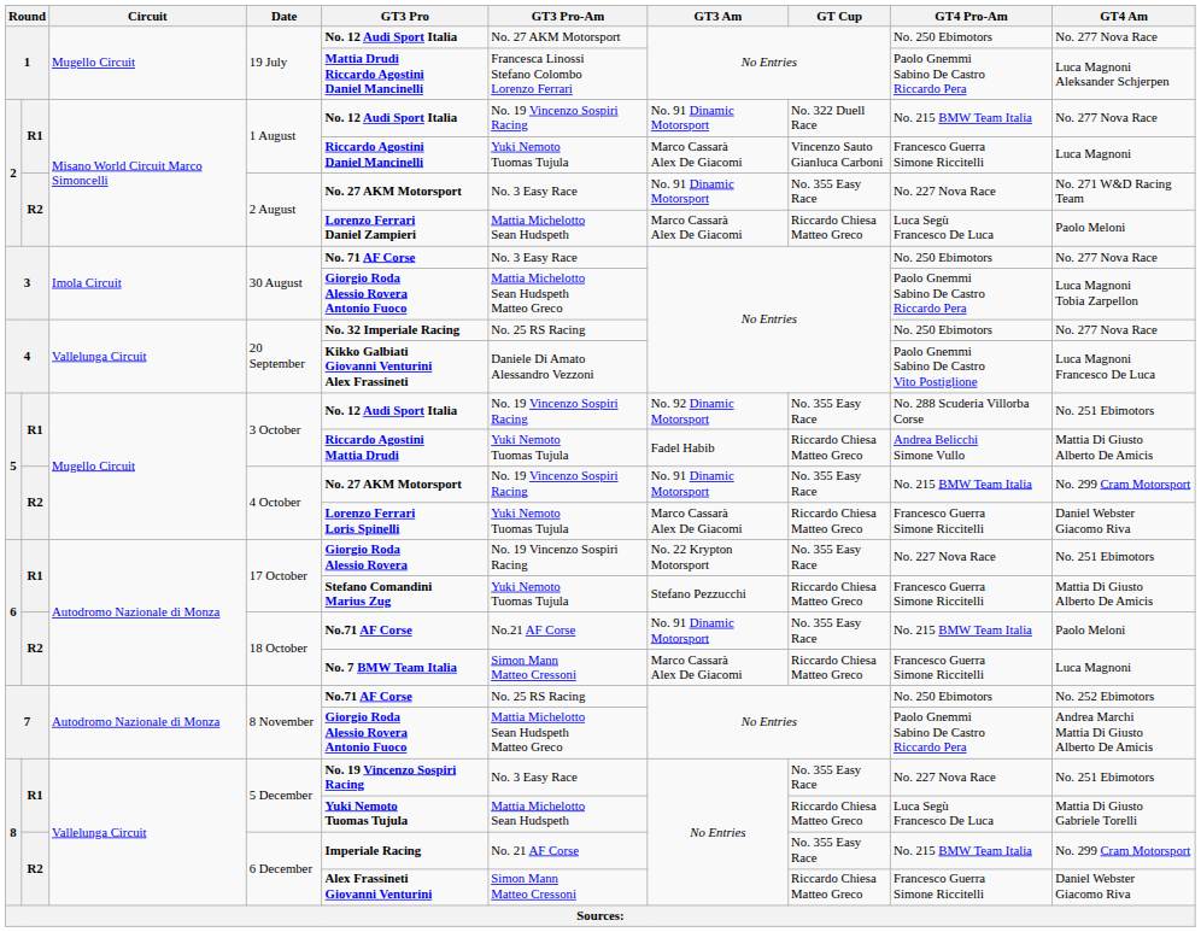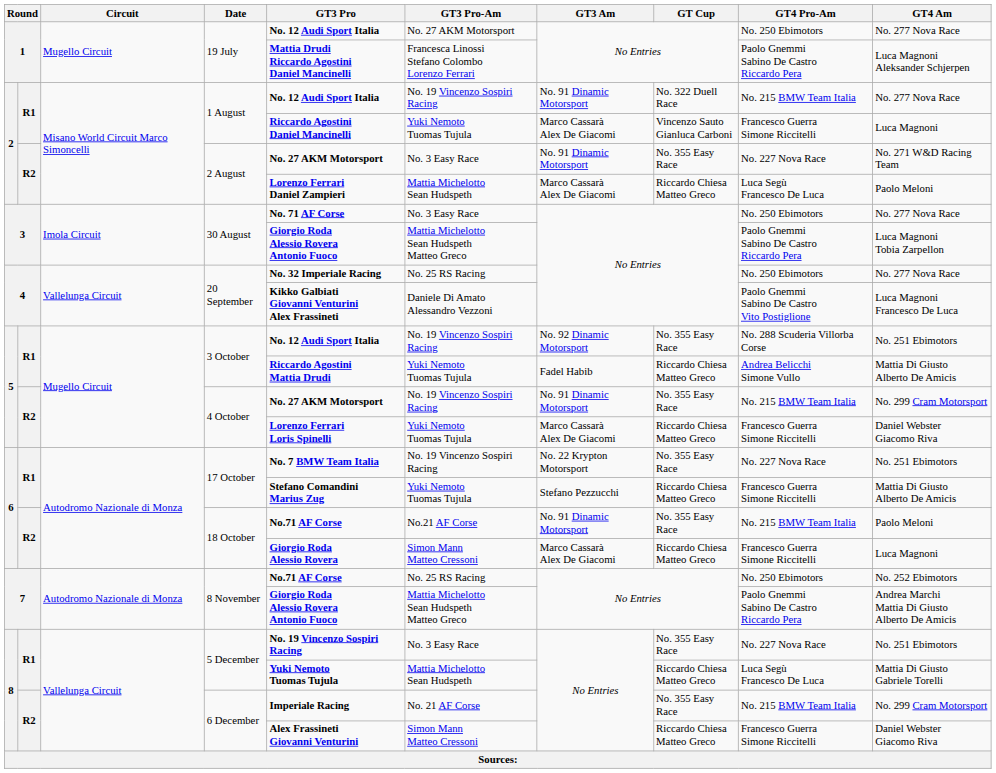 <table class="wikitable" style="font-size: 85%;">
 <tr>
 <th colspan=2>Round</th>
 <th>Circuit</th>
 <th>Date</th>
 <th>GT3 Pro</th>
 <th>GT3 Pro-Am</th>
 <th>GT3 Am</th>
 <th>GT Cup</th>
 <th>GT4 Pro-Am</th>
 <th>GT4 Am</th>
 </tr>
 <tr>
 <th colspan=2 rowspan=2>1</th>
 <td rowspan=2><a href='#'>Mugello Circuit</a></td>
 <td rowspan=2>19 July</td>
 <td><strong> No. 12 <a href='#'>Audi Sport</a> Italia</strong></td>
 <td> No. 27 AKM Motorsport</td>
 <td colspan=2 rowspan=2 align=center><em>No Entries</em></td>
 <td> No. 250 Ebimotors</td>
 <td> No. 277 Nova Race</td>
 </tr>
 <tr>
 <td><strong> <a href='#'>Mattia Drudi</a><br> <a href='#'>Riccardo Agostini</a><br> <a href='#'>Daniel Mancinelli</a></strong></td>
 <td> Francesca Linossi<br> Stefano Colombo<br> <a href='#'>Lorenzo Ferrari</a></td>
 <td> Paolo Gnemmi<br> Sabino De Castro<br> <a href='#'>Riccardo Pera</a></td>
 <td> Luca Magnoni<br> Aleksander Schjerpen</td>
 </tr>
 <tr>
 <th rowspan=4>2</th>
 <th rowspan=2>R1</th>
 <td rowspan=4><a href='#'>Misano World Circuit Marco Simoncelli</a></td>
 <td rowspan=2>1 August</td>
 <td><strong> No. 12 <a href='#'>Audi Sport</a> Italia</strong></td>
 <td> No. 19 <a href='#'>Vincenzo Sospiri Racing</a></td>
 <td> No. 91 <a href='#'>Dinamic Motorsport</a></td>
 <td> No. 322 Duell Race</td>
 <td> No. 215 <a href='#'>BMW Team Italia</a></td>
 <td> No. 277 Nova Race</td>
 </tr>
 <tr>
 <td><strong> <a href='#'>Riccardo Agostini</a><br> <a href='#'>Daniel Mancinelli</a></strong></td>
 <td> <a href='#'>Yuki Nemoto</a><br> Tuomas Tujula</td>
 <td> Marco Cassarà<br> Alex De Giacomi</td>
 <td> Vincenzo Sauto<br> Gianluca Carboni</td>
 <td> Francesco Guerra<br> Simone Riccitelli</td>
 <td> Luca Magnoni</td>
 </tr>
 <tr>
 <th rowspan=2>R2</th>
 <td rowspan=2>2 August</td>
 <td><strong> No. 27 AKM Motorsport</strong></td>
 <td> No. 3 Easy Race</td>
 <td> No. 91 <a href='#'>Dinamic Motorsport</a></td>
 <td> No. 355 Easy Race</td>
 <td> No. 227 Nova Race</td>
 <td> No. 271 W&D Racing Team</td>
 </tr>
 <tr>
 <td><strong> <a href='#'>Lorenzo Ferrari</a><br> Daniel Zampieri</strong></td>
 <td> <a href='#'>Mattia Michelotto</a><br> Sean Hudspeth</td>
 <td> Marco Cassarà<br> Alex De Giacomi</td>
 <td> Riccardo Chiesa<br> Matteo Greco</td>
 <td> Luca Segù<br> Francesco De Luca</td>
 <td> Paolo Meloni</td>
 </tr>
 <tr>
 <th colspan=2 rowspan=2>3</th>
 <td rowspan=2><a href='#'>Imola Circuit</a></td>
 <td rowspan=2>30 August</td>
 <td><strong> No. 71 <a href='#'>AF Corse</a></strong></td>
 <td> No. 3 Easy Race</td>
 <td colspan=2 rowspan=4 align=center><em>No Entries</em></td>
 <td> No. 250 Ebimotors</td>
 <td> No. 277 Nova Race</td>
 </tr>
 <tr>
 <td><strong> <a href='#'>Giorgio Roda</a><br> <a href='#'>Alessio Rovera</a><br> <a href='#'>Antonio Fuoco</a></strong></td>
 <td> <a href='#'>Mattia Michelotto</a><br> Sean Hudspeth<br> Matteo Greco</td>
 <td> Paolo Gnemmi<br> Sabino De Castro<br> <a href='#'>Riccardo Pera</a></td>
 <td> Luca Magnoni<br> Tobia Zarpellon</td>
 </tr>
 <tr>
 <th colspan=2 rowspan=2>4</th>
 <td rowspan=2><a href='#'>Vallelunga Circuit</a></td>
 <td rowspan=2>20 September</td>
 <td><strong> No. 32 Imperiale Racing</strong></td>
 <td> No. 25 RS Racing</td>
 <td> No. 250 Ebimotors</td>
 <td> No. 277 Nova Race</td>
 </tr>
 <tr>
 <td><strong> Kikko Galbiati<br> <a href='#'>Giovanni Venturini</a><br> Alex Frassineti</strong></td>
 <td> Daniele Di Amato<br> Alessandro Vezzoni</td>
 <td> Paolo Gnemmi<br> Sabino De Castro<br> <a href='#'>Vito Postiglione</a></td>
 <td> Luca Magnoni<br> Francesco De Luca</td>
 </tr>
 <tr>
 <th rowspan=4>5</th>
 <th rowspan=2>R1</th>
 <td rowspan=4><a href='#'>Mugello Circuit</a></td>
 <td rowspan=2>3 October</td>
 <td><strong> No. 12 <a href='#'>Audi Sport</a> Italia</strong></td>
 <td> No. 19 <a href='#'>Vincenzo Sospiri Racing</a></td>
 <td> No. 92 <a href='#'>Dinamic Motorsport</a></td>
 <td> No. 355 Easy Race</td>
 <td> No. 288 Scuderia Villorba Corse</td>
 <td> No. 251 Ebimotors</td>
 </tr>
 <tr>
 <td><strong> <a href='#'>Riccardo Agostini</a><br> <a href='#'>Mattia Drudi</a></strong></td>
 <td> <a href='#'>Yuki Nemoto</a><br> Tuomas Tujula</td>
 <td> Fadel Habib</td>
 <td> Riccardo Chiesa<br> Matteo Greco</td>
 <td> <a href='#'>Andrea Belicchi</a><br> Simone Vullo</td>
 <td> Mattia Di Giusto<br> Alberto De Amicis</td>
 </tr>
 <tr>
 <th rowspan=2>R2</th>
 <td rowspan=2>4 October</td>
 <td><strong> No. 27 AKM Motorsport</strong></td>
 <td> No. 19 <a href='#'>Vincenzo Sospiri Racing</a></td>
 <td> No. 91 <a href='#'>Dinamic Motorsport</a></td>
 <td> No. 355 Easy Race</td>
 <td> No. 215 <a href='#'>BMW Team Italia</a></td>
 <td> No. 299 <a href='#'>Cram Motorsport</a></td>
 </tr>
 <tr>
 <td><strong> <a href='#'>Lorenzo Ferrari</a><br> <a href='#'>Loris Spinelli</a></strong></td>
 <td> <a href='#'>Yuki Nemoto</a><br> Tuomas Tujula</td>
 <td> Marco Cassarà<br> Alex De Giacomi</td>
 <td> Riccardo Chiesa<br> Matteo Greco</td>
 <td> Francesco Guerra<br> Simone Riccitelli</td>
 <td> Daniel Webster<br> Giacomo Riva</td>
 </tr>
 <tr>
 <th rowspan=4>6</th>
 <th rowspan=2>R1</th>
 <td rowspan=4><a href='#'>Autodromo Nazionale di Monza</a></td>
 <td rowspan=2>17 October</td>
-<td><strong> <a href='#'>Giorgio Roda</a><br> <a href='#'>Alessio Rovera</a></strong></td>
+<td><strong> No. 7 <a href='#'>BMW Team Italia</a></strong></td>
 <td> No. 19 Vincenzo Sospiri Racing</td>
 <td> No. 22 Krypton Motorsport</td>
 <td> No. 355 Easy Race</td>
 <td> No. 227 Nova Race</td>
 <td> No. 251 Ebimotors</td>
 </tr>
 <tr>
 <td><strong> Stefano Comandini<br> <a href='#'>Marius Zug</a></strong></td>
 <td> <a href='#'>Yuki Nemoto</a><br> Tuomas Tujula</td>
 <td> Stefano Pezzucchi</td>
 <td> Riccardo Chiesa<br> Matteo Greco</td>
 <td> Francesco Guerra<br> Simone Riccitelli</td>
 <td> Mattia Di Giusto<br> Alberto De Amicis</td>
 </tr>
 <tr>
 <th rowspan=2>R2</th>
 <td rowspan=2>18 October</td>
 <td><strong> No.71 <a href='#'>AF Corse</a></strong></td>
 <td> No.21 <a href='#'>AF Corse</a></td>
 <td> No. 91 <a href='#'>Dinamic Motorsport</a></td>
 <td> No. 355 Easy Race</td>
 <td> No. 215 <a href='#'>BMW Team Italia</a></td>
 <td> Paolo Meloni</td>
 </tr>
 <tr>
-<td><strong> No. 7 <a href='#'>BMW Team Italia</a></strong></td>
+<td><strong> <a href='#'>Giorgio Roda</a><br> <a href='#'>Alessio Rovera</a></strong></td>
 <td> <a href='#'>Simon Mann</a><br> <a href='#'>Matteo Cressoni</a></td>
 <td> Marco Cassarà<br> Alex De Giacomi</td>
 <td> Riccardo Chiesa<br> Matteo Greco</td>
 <td> Francesco Guerra<br> Simone Riccitelli</td>
 <td> Luca Magnoni</td>
 </tr>
 <tr>
 <th colspan=2 rowspan=2>7</th>
 <td rowspan=2><a href='#'>Autodromo Nazionale di Monza</a></td>
 <td rowspan=2>8 November</td>
 <td><strong> No.71 <a href='#'>AF Corse</a></strong></td>
 <td> No. 25 RS Racing</td>
 <td colspan=2 rowspan=2 align=center><em>No Entries</em></td>
 <td> No. 250 Ebimotors</td>
 <td> No. 252 Ebimotors</td>
 </tr>
 <tr>
 <td><strong> <a href='#'>Giorgio Roda</a><br> <a href='#'>Alessio Rovera</a><br> <a href='#'>Antonio Fuoco</a></strong></td>
 <td> <a href='#'>Mattia Michelotto</a><br> Sean Hudspeth<br> Matteo Greco</td>
 <td> Paolo Gnemmi<br> Sabino De Castro<br> <a href='#'>Riccardo Pera</a></td>
 <td> Andrea Marchi<br> Mattia Di Giusto<br> Alberto De Amicis</td>
 </tr>
 <tr>
 <th rowspan=4>8</th>
 <th rowspan=2>R1</th>
 <td rowspan=4><a href='#'>Vallelunga Circuit</a></td>
 <td rowspan=2>5 December</td>
 <td><strong> No. 19 <a href='#'>Vincenzo Sospiri Racing</a></strong></td>
 <td> No. 3 Easy Race</td>
 <td rowspan=4 align=center><em>No Entries</em></td>
 <td> No. 355 Easy Race</td>
 <td> No. 227 Nova Race</td>
 <td> No. 251 Ebimotors</td>
 </tr>
 <tr>
 <td><strong> <a href='#'>Yuki Nemoto</a><br> Tuomas Tujula</strong></td>
 <td> <a href='#'>Mattia Michelotto</a><br> Sean Hudspeth</td>
 <td> Riccardo Chiesa<br> Matteo Greco</td>
 <td> Luca Segù<br> Francesco De Luca</td>
 <td> Mattia Di Giusto<br> Gabriele Torelli</td>
 </tr>
 <tr>
 <th rowspan=2>R2</th>
 <td rowspan=2>6 December</td>
 <td><strong> Imperiale Racing</strong></td>
 <td> No. 21 <a href='#'>AF Corse</a></td>
 <td> No. 355 Easy Race</td>
 <td> No. 215 <a href='#'>BMW Team Italia</a></td>
 <td> No. 299 <a href='#'>Cram Motorsport</a></td>
 </tr>
 <tr>
 <td><strong> Alex Frassineti<br> <a href='#'>Giovanni Venturini</a></strong></td>
 <td> <a href='#'>Simon Mann</a><br> <a href='#'>Matteo Cressoni</a></td>
 <td> Riccardo Chiesa<br> Matteo Greco</td>
 <td> Francesco Guerra<br> Simone Riccitelli</td>
 <td> Daniel Webster<br> Giacomo Riva</td>
 </tr>
 <tr>
 <th colspan=10>Sources:</th>
 </tr>
 </table>
